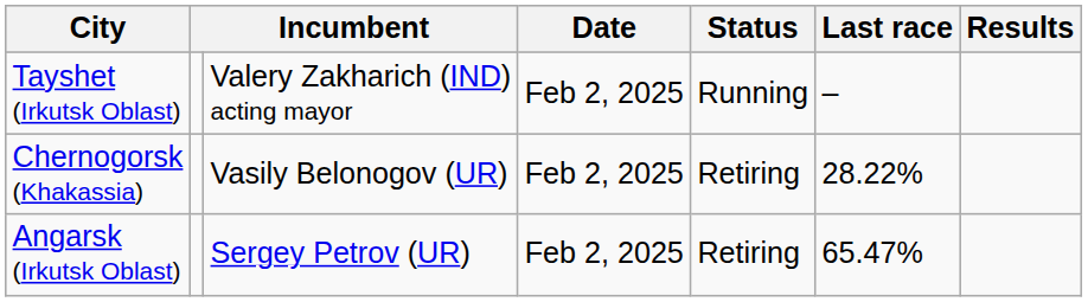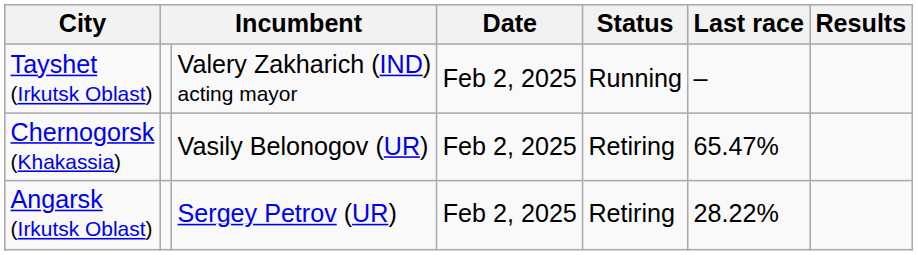 <table class="wikitable">
 <tr>
 <th>City</th>
 <th colspan=2>Incumbent</th>
 <th>Date</th>
 <th>Status</th>
 <th>Last race</th>
 <th>Results</th>
 </tr>
 <tr>
 <td><a href='#'>Tayshet</a><br><small>(<a href='#'>Irkutsk Oblast</a>)</small></td>
 <td style="background-color:"></td>
 <td>Valery Zakharich (<a href='#'>IND</a>)<br><small>acting mayor</small></td>
 <td>Feb 2, 2025</td>
 <td>Running</td>
 <td>–</td>
 <td nowrap></td>
 </tr>
 <tr>
 <td><a href='#'>Chernogorsk</a><br><small>(<a href='#'>Khakassia</a>)</small></td>
 <td style="background-color:"></td>
 <td>Vasily Belonogov (<a href='#'>UR</a>)</td>
 <td>Feb 2, 2025</td>
 <td>Retiring</td>
-<td>28.22%</td>
+<td>65.47%</td>
 <td nowrap></td>
 </tr>
 <tr>
 <td><a href='#'>Angarsk</a><br><small>(<a href='#'>Irkutsk Oblast</a>)</small></td>
 <td style="background-color:"></td>
 <td><a href='#'>Sergey Petrov</a> (<a href='#'>UR</a>)</td>
 <td>Feb 2, 2025</td>
 <td>Retiring</td>
-<td>65.47%</td>
+<td>28.22%</td>
 <td nowrap></td>
 </tr>
 </table>
